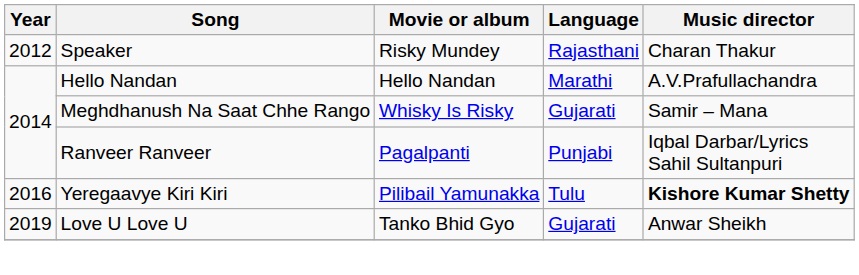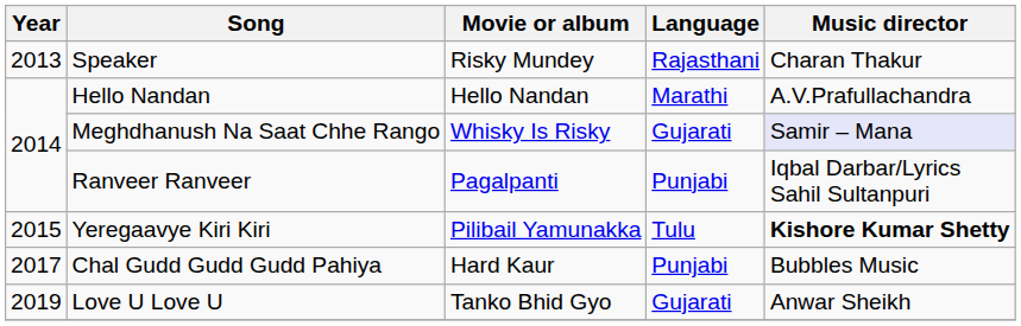 <table class="wikitable sortable">
 <tr>
 <th>Year</th>
 <th>Song</th>
 <th>Movie or album</th>
 <th>Language</th>
 <th>Music director</th>
 </tr>
 <tr>
-<td>2012</td>
+<td>2013</td>
 <td>Speaker</td>
 <td>Risky Mundey</td>
 <td><a href='#'>Rajasthani</a></td>
 <td>Charan Thakur</td>
 </tr>
 <tr>
 <td rowspan="3">2014</td>
 <td>Hello Nandan</td>
 <td>Hello Nandan</td>
 <td><a href='#'>Marathi</a></td>
 <td>A.V.Prafullachandra</td>
 </tr>
 <tr>
 <td>Meghdhanush Na Saat Chhe Rango</td>
 <td><a href='#'>Whisky Is Risky</a></td>
 <td><a href='#'>Gujarati</a></td>
-<td>Samir – Mana</td>
+<td style="background: lavender;">Samir – Mana</td>
 </tr>
 <tr>
 <td>Ranveer Ranveer</td>
 <td><a href='#'>Pagalpanti</a></td>
 <td><a href='#'>Punjabi</a></td>
 <td>Iqbal Darbar/Lyrics<br>Sahil Sultanpuri <br></td>
 </tr>
 <tr>
-<td>2016</td>
+<td>2015</td>
 <td>Yeregaavye Kiri Kiri</td>
 <td><a href='#'>Pilibail Yamunakka</a></td>
 <td><a href='#'>Tulu</a></td>
 <td><strong>Kishore Kumar Shetty</strong></td>
+</tr>
+<tr>
+<td>2017</td>
+<td>Chal Gudd Gudd Gudd Pahiya</td>
+<td>Hard Kaur</td>
+<td><a href='#'>Punjabi</a></td>
+<td>Bubbles Music</td>
 </tr>
 <tr>
 <td>2019</td>
 <td>Love U Love U</td>
 <td>Tanko Bhid Gyo</td>
 <td><a href='#'>Gujarati</a></td>
 <td>Anwar Sheikh</td>
 </tr>
 <tr>
 </tr>
 </table>
